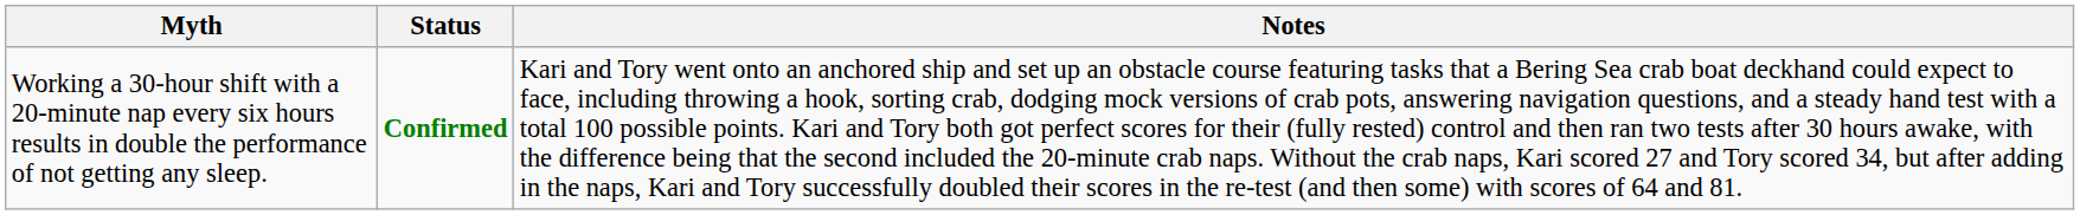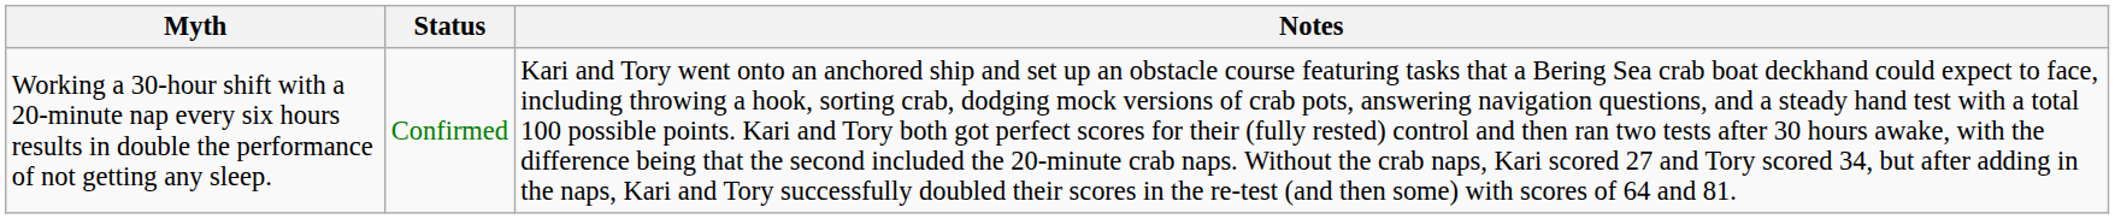 <table class="wikitable plainrowheaders">
 <tr>
 <th scope"col">Myth</th>
 <th scope"col">Status</th>
 <th scope"col">Notes</th>
 </tr>
 <tr>
 <td scope"row">Working a 30-hour shift with a 20-minute nap every six hours results in double the performance of not getting any sleep.</td>
-<td style="color:green"><strong>Confirmed</strong></td>
+<td style="color:green">Confirmed</td>
 <td>Kari and Tory went onto an anchored ship and set up an obstacle course featuring tasks that a Bering Sea crab boat deckhand could expect to face, including throwing a hook, sorting crab, dodging mock versions of crab pots, answering navigation questions, and a steady hand test with a total 100 possible points. Kari and Tory both got perfect scores for their (fully rested) control and then ran two tests after 30 hours awake, with the difference being that the second included the 20-minute crab naps. Without the crab naps, Kari scored 27 and Tory scored 34, but after adding in the naps, Kari and Tory successfully doubled their scores in the re-test (and then some) with scores of 64 and 81.</td>
 </tr>
 </table>
